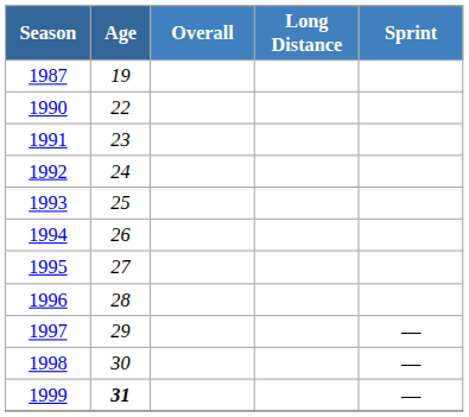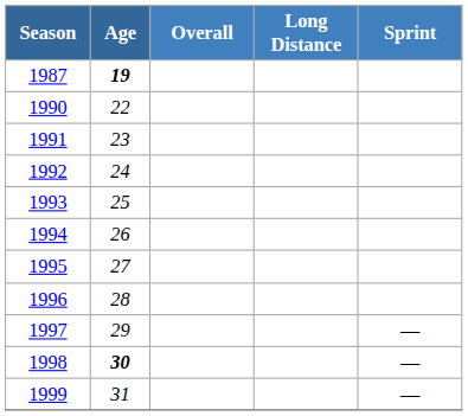 <table class="wikitable" style="font-size:95%; text-align:center; border:grey solid 1px; border-collapse:collapse; background:#ffffff;">
 <tr>
 <th style="background-color:#369; color:white; width:60px;" rowspan="2"> Season </th>
 <th style="background-color:#369; color:white; width:40px;" rowspan="2"> Age </th>
 </tr>
 <tr>
 <th style="background-color:#4180be; color:white; width:75px;">Overall</th>
 <th style="background-color:#4180be; color:white; width:75px;">Long Distance</th>
 <th style="background-color:#4180be; color:white; width:75px;">Sprint</th>
 </tr>
 <tr>
 <td><a href='#'>1987</a></td>
-<td><em>19</em></td>
+<td><strong><em>19</em></strong></td>
 <td></td>
 <td></td>
 <td></td>
 </tr>
 <tr>
 <td><a href='#'>1990</a></td>
 <td><em>22</em></td>
 <td></td>
 <td></td>
 <td></td>
 </tr>
 <tr>
 <td><a href='#'>1991</a></td>
 <td><em>23</em></td>
 <td></td>
 <td></td>
 <td></td>
 </tr>
 <tr>
 <td><a href='#'>1992</a></td>
 <td><em>24</em></td>
 <td></td>
 <td></td>
 <td></td>
 </tr>
 <tr>
 <td><a href='#'>1993</a></td>
 <td><em>25</em></td>
 <td></td>
 <td></td>
 <td></td>
 </tr>
 <tr>
 <td><a href='#'>1994</a></td>
 <td><em>26</em></td>
 <td></td>
 <td></td>
 <td></td>
 </tr>
 <tr>
 <td><a href='#'>1995</a></td>
 <td><em>27</em></td>
 <td></td>
 <td></td>
 <td></td>
 </tr>
 <tr>
 <td><a href='#'>1996</a></td>
 <td><em>28</em></td>
 <td></td>
 <td></td>
 <td></td>
 </tr>
 <tr>
 <td><a href='#'>1997</a></td>
 <td><em>29</em></td>
 <td></td>
 <td></td>
 <td>—</td>
 </tr>
 <tr>
 <td><a href='#'>1998</a></td>
-<td><em>30</em></td>
+<td><strong><em>30</em></strong></td>
 <td></td>
 <td></td>
 <td>—</td>
 </tr>
 <tr>
 <td><a href='#'>1999</a></td>
-<td><strong><em>31</em></strong></td>
+<td><em>31</em></td>
 <td></td>
 <td></td>
 <td>—</td>
 </tr>
 <tr>
 </tr>
 </table>
